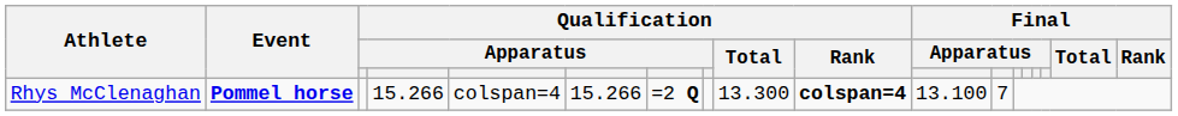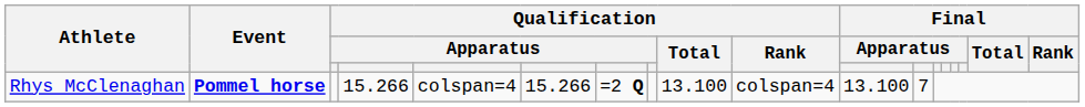 <table class="wikitable" style="font-size:90%">
 <tr>
 <th rowspan=3>Athlete</th>
 <th rowspan=3>Event</th>
 <th colspan =8>Qualification</th>
 <th colspan =8>Final</th>
 </tr>
 <tr style="font-size:95%">
 <th colspan=6>Apparatus</th>
 <th rowspan=2>Total</th>
 <th rowspan=2>Rank</th>
 <th colspan=6>Apparatus</th>
 <th rowspan=2>Total</th>
 <th rowspan=2>Rank</th>
 </tr>
 <tr style="font-size:95%">
 <th></th>
 <th></th>
 <th></th>
 <th></th>
 <th></th>
 <th></th>
 <th></th>
 <th></th>
 <th></th>
 <th></th>
 <th></th>
 <th></th>
 </tr>
 <tr align=center>
 <td align=left><a href='#'>Rhys McClenaghan</a></td>
 <td align=left><strong><a href='#'>Pommel horse</a></strong></td>
 <td></td>
 <td>15.266</td>
 <td>colspan=4 </td>
 <td>15.266</td>
 <td>=2 <strong>Q</strong></td>
 <td></td>
-<td>13.300</td>
-<td><strong>colspan=4 </strong></td>
+<td>13.100</td>
+<td>colspan=4 </td>
 <td>13.100</td>
 <td>7</td>
 </tr>
 </table>
